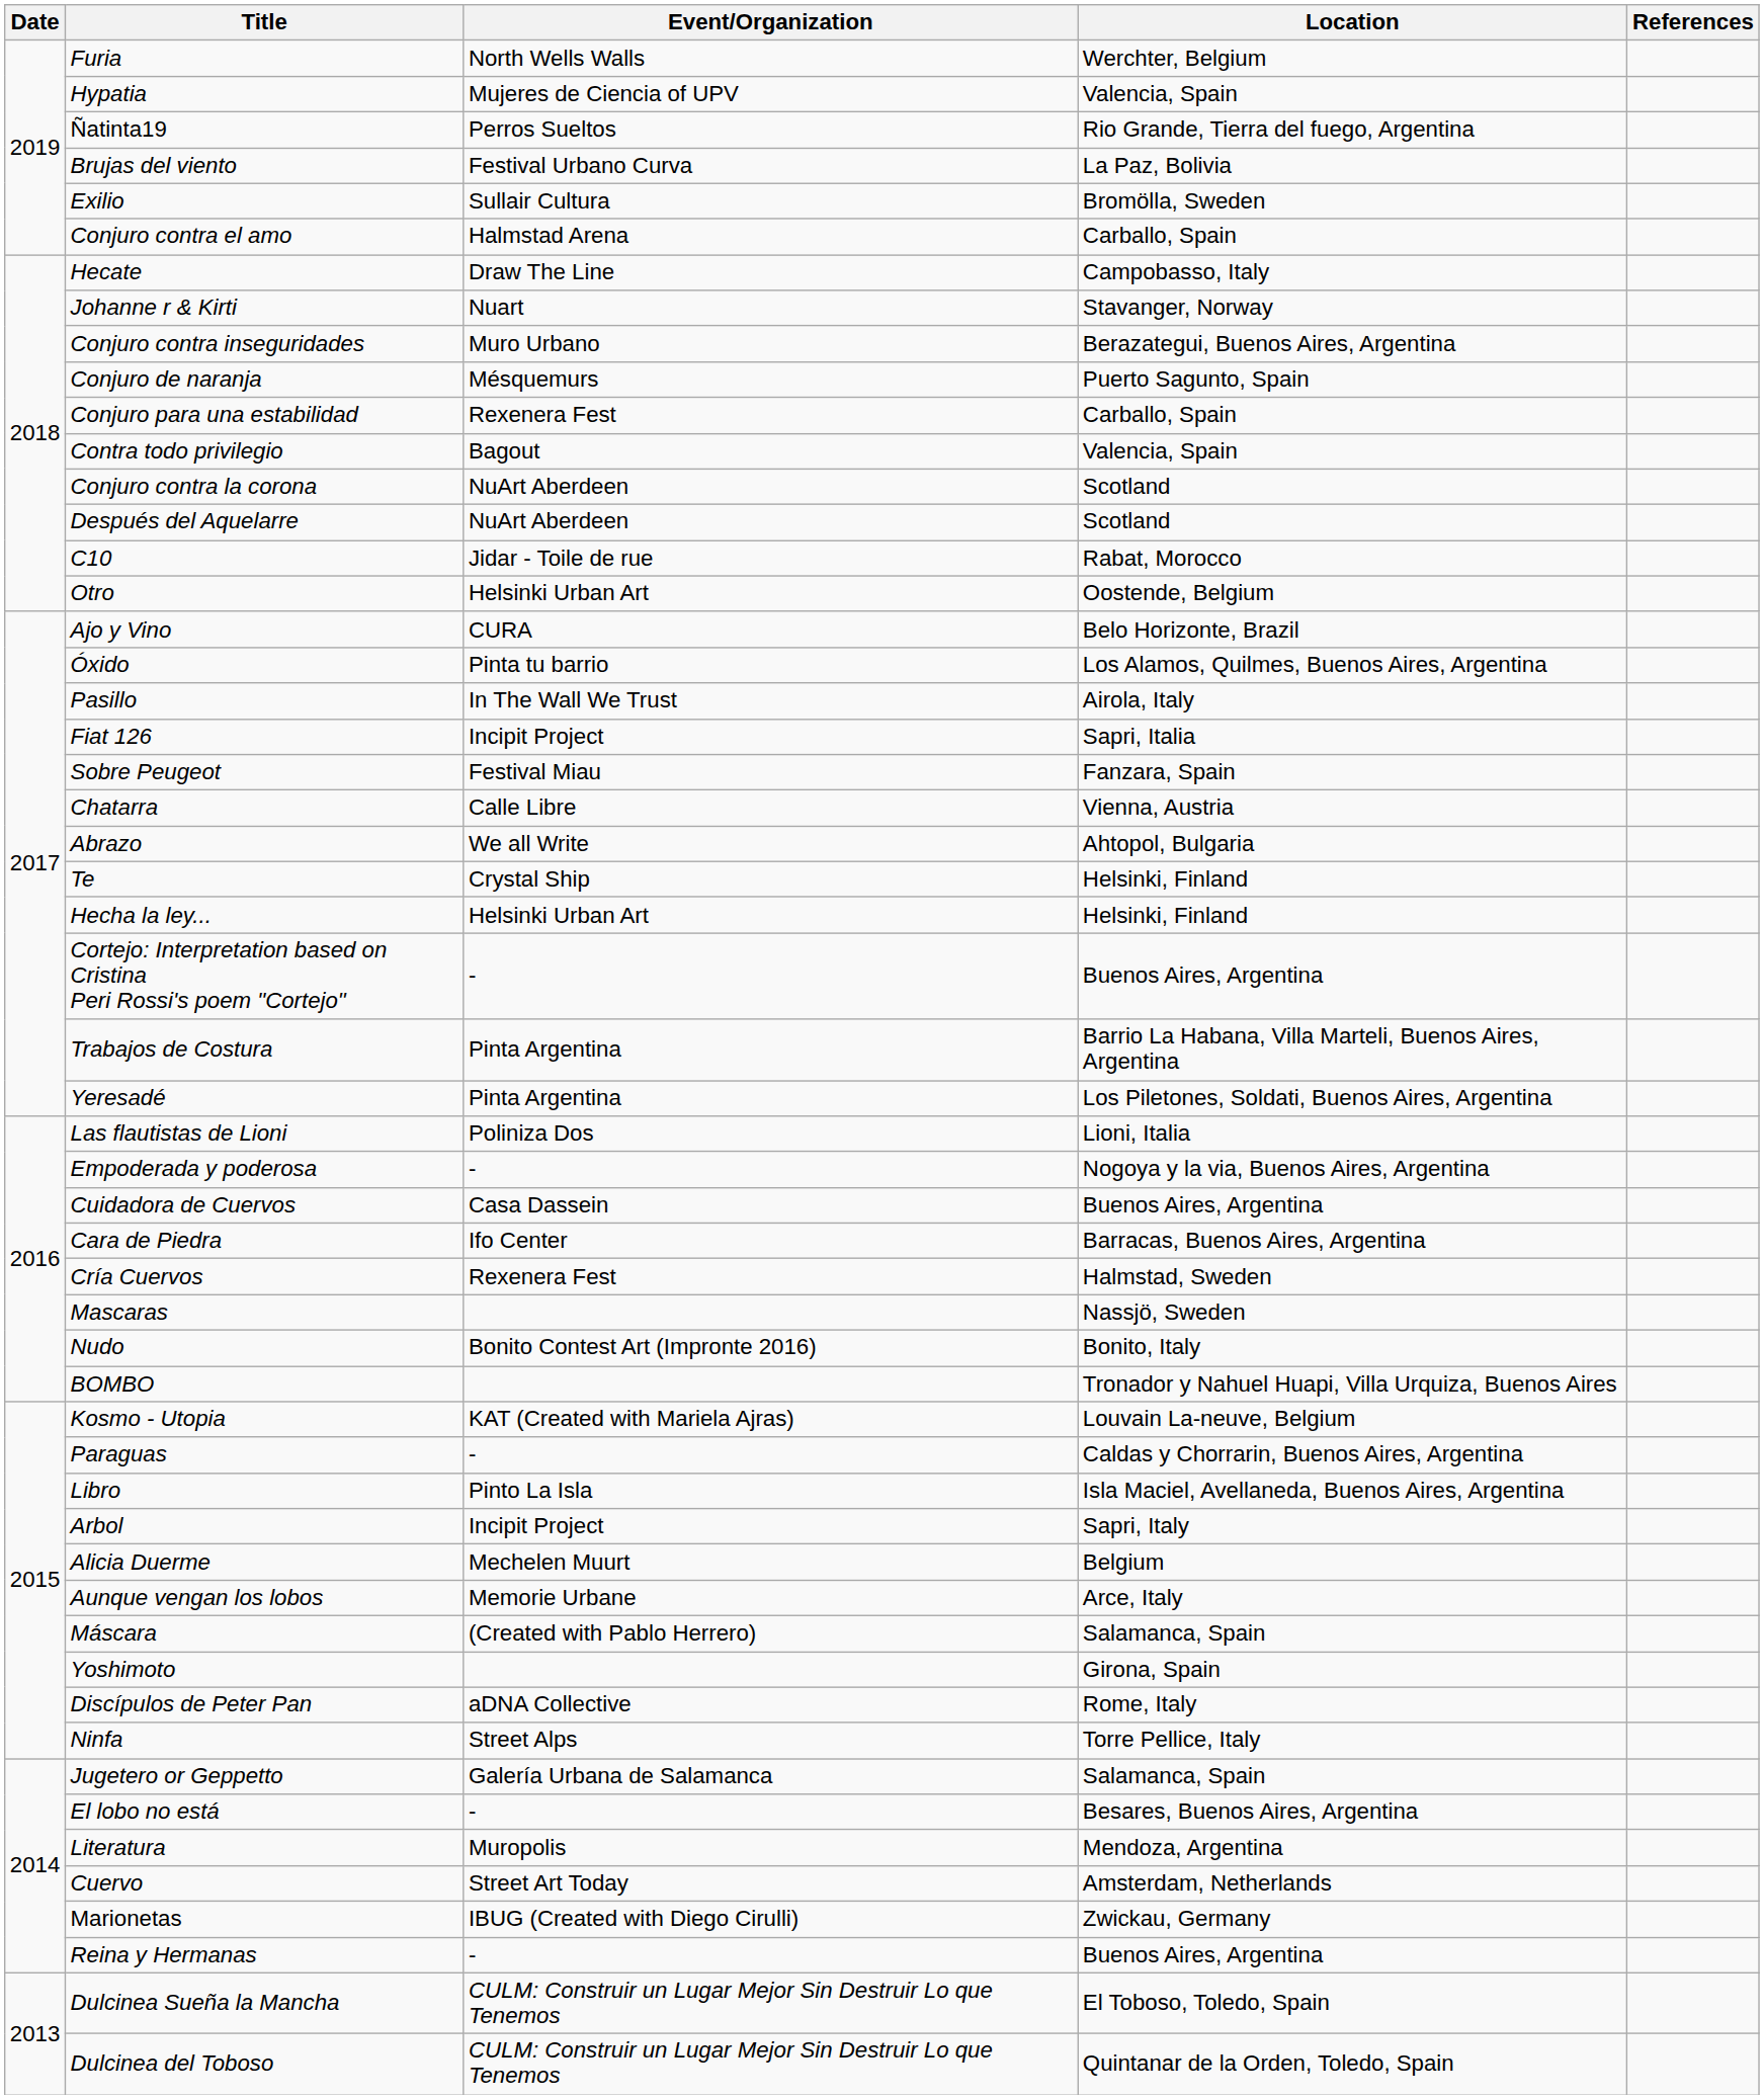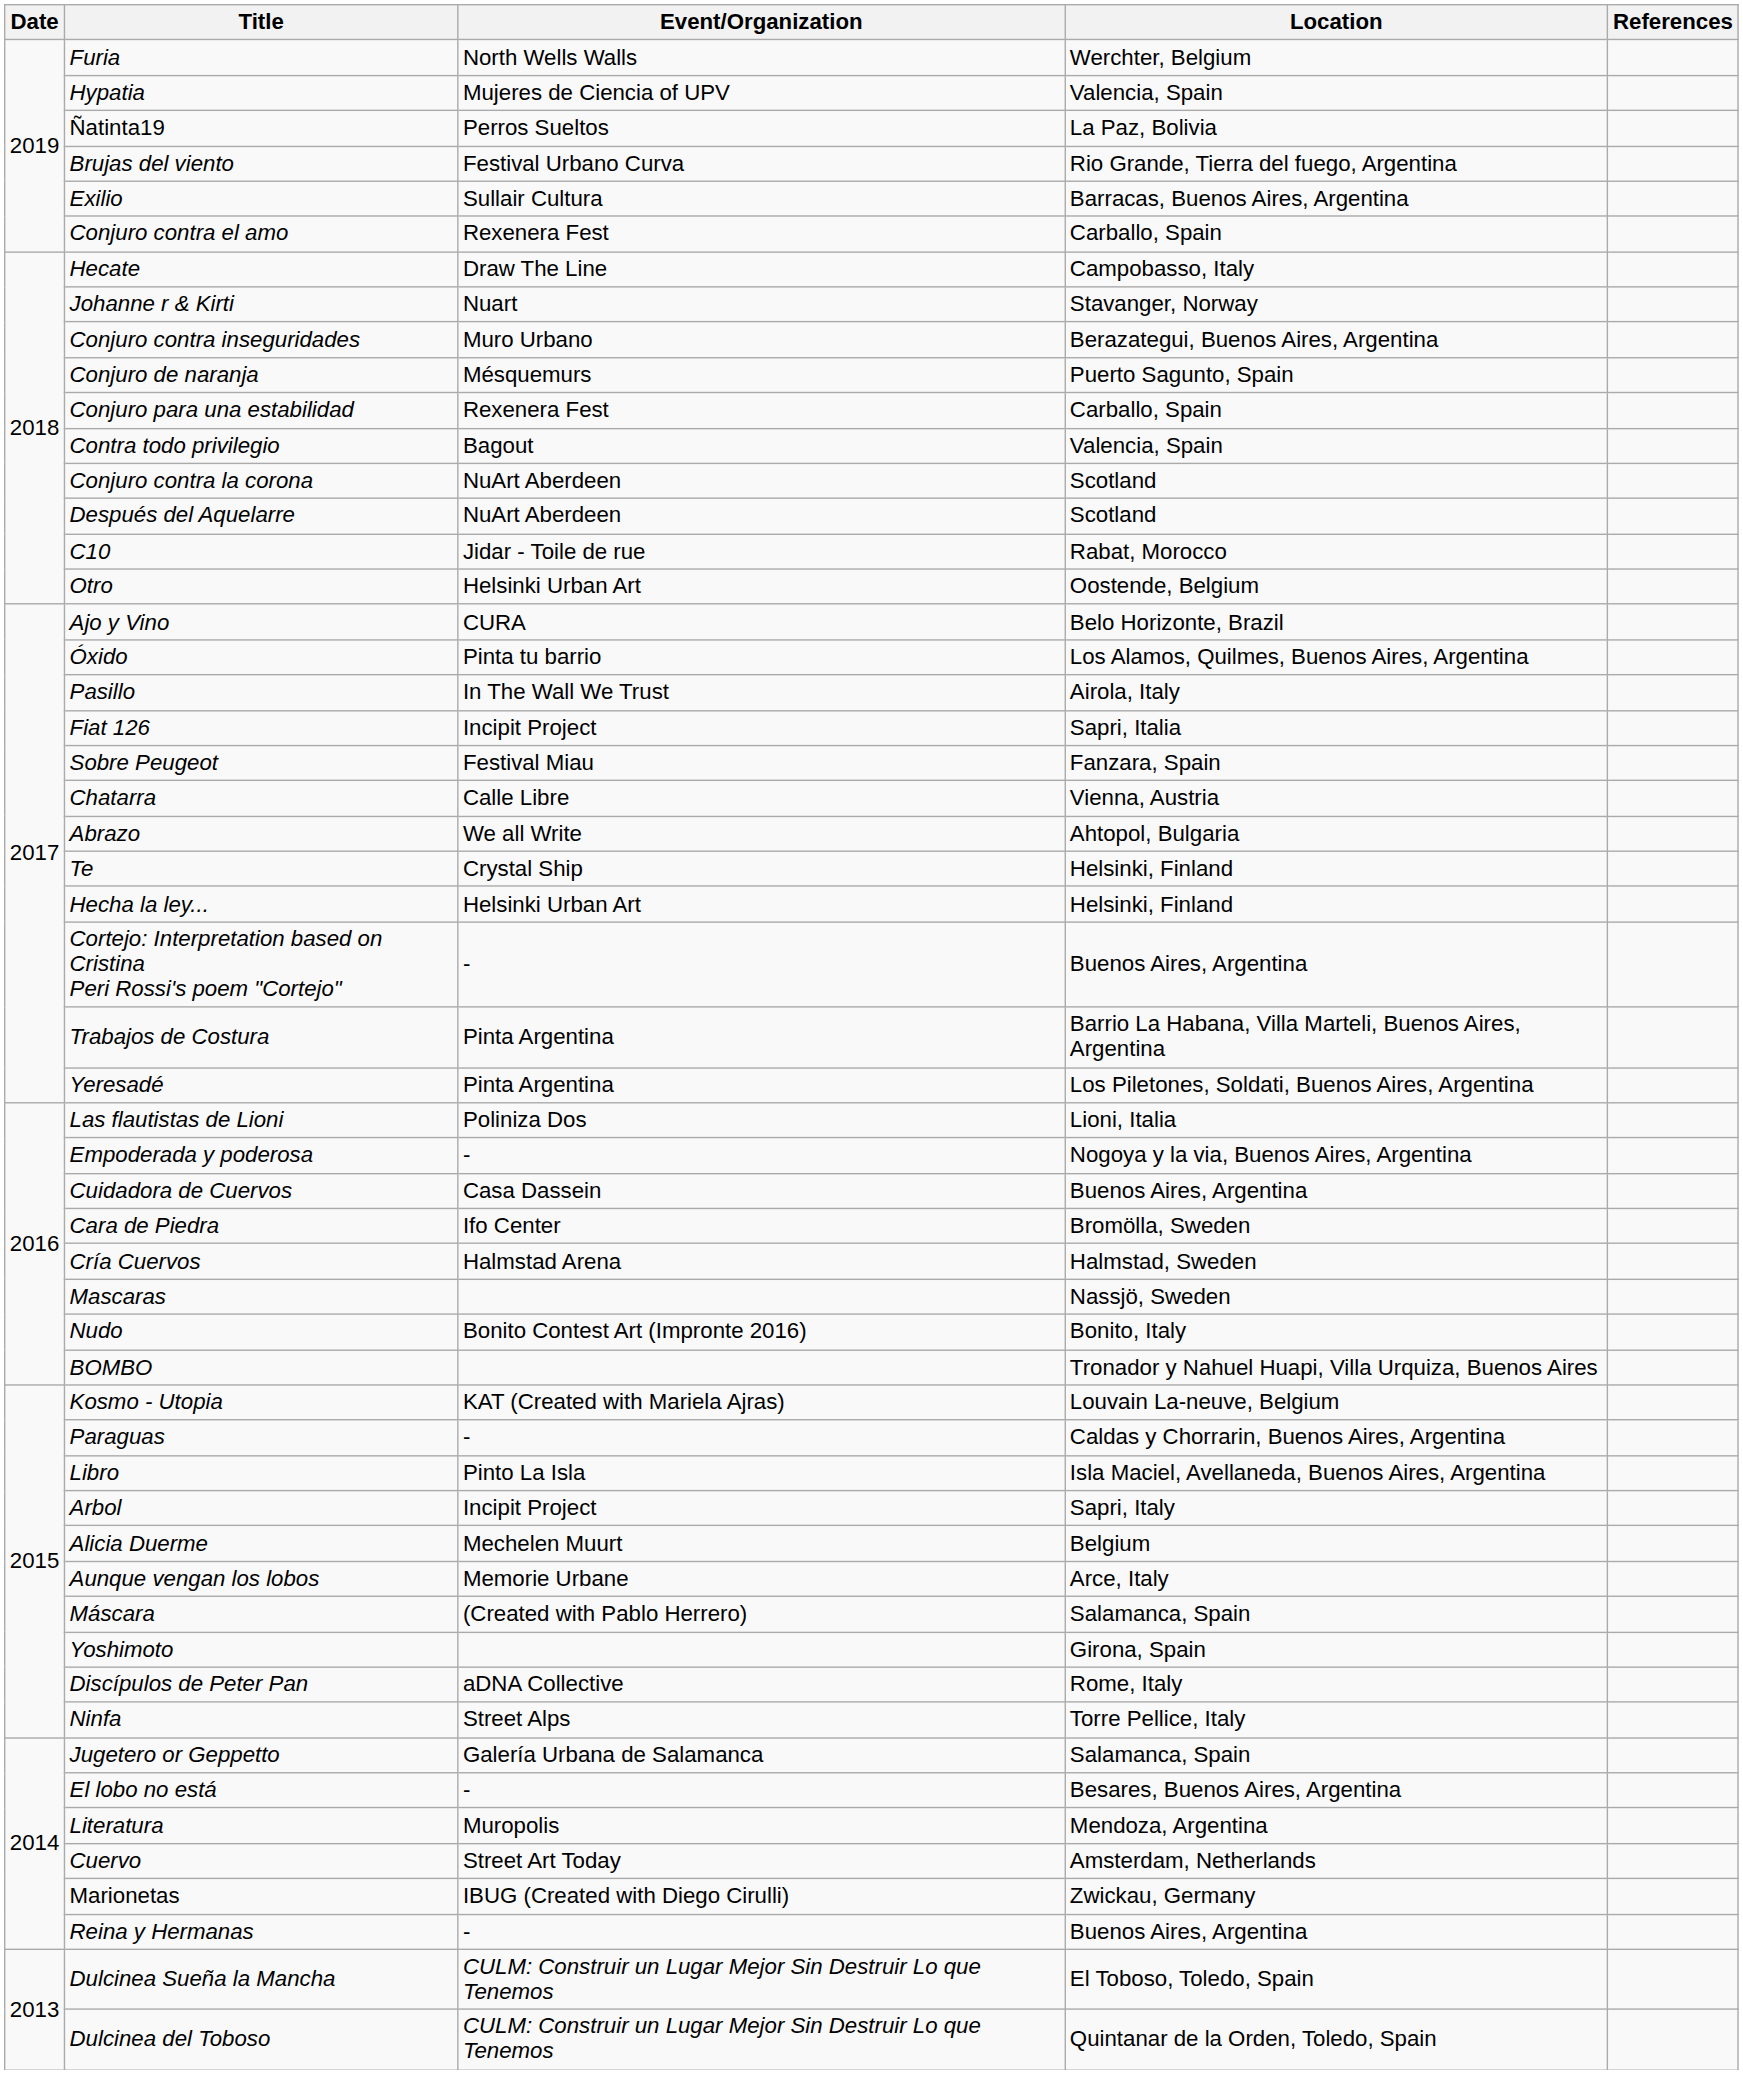 <table class="wikitable">
 <tr>
 <th>Date</th>
 <th>Title</th>
 <th>Event/Organization</th>
 <th>Location</th>
 <th>References</th>
 </tr>
 <tr>
 <td rowspan="6">2019</td>
 <td><em>Furia</em></td>
 <td>North Wells Walls</td>
 <td>Werchter, Belgium</td>
 <td></td>
 </tr>
 <tr>
 <td><em>Hypatia</em></td>
 <td>Mujeres de Ciencia of UPV</td>
 <td>Valencia, Spain</td>
 <td></td>
 </tr>
 <tr>
 <td>Ñatinta19</td>
 <td>Perros Sueltos</td>
-<td>Rio Grande, Tierra del fuego, Argentina</td>
+<td>La Paz, Bolivia</td>
 <td></td>
 </tr>
 <tr>
 <td><em>Brujas del viento</em></td>
 <td>Festival Urbano Curva</td>
-<td>La Paz, Bolivia</td>
+<td>Rio Grande, Tierra del fuego, Argentina</td>
 <td></td>
 </tr>
 <tr>
 <td><em>Exilio</em></td>
 <td>Sullair Cultura</td>
-<td>Bromölla, Sweden</td>
+<td>Barracas, Buenos Aires, Argentina</td>
 <td></td>
 </tr>
 <tr>
 <td><em>Conjuro contra el amo</em></td>
-<td>Halmstad Arena</td>
+<td>Rexenera Fest</td>
 <td>Carballo, Spain</td>
 <td></td>
 </tr>
 <tr>
 <td rowspan="10">2018</td>
 <td><em>Hecate</em></td>
 <td>Draw The Line</td>
 <td>Campobasso, Italy</td>
 <td></td>
 </tr>
 <tr>
 <td><em>Johanne r & Kirti</em></td>
 <td>Nuart</td>
 <td>Stavanger, Norway</td>
 <td></td>
 </tr>
 <tr>
 <td><em>Conjuro contra inseguridades</em></td>
 <td>Muro Urbano</td>
 <td>Berazategui, Buenos Aires, Argentina</td>
 <td></td>
 </tr>
 <tr>
 <td><em>Conjuro de naranja</em></td>
 <td>Mésquemurs</td>
 <td>Puerto Sagunto, Spain</td>
 <td></td>
 </tr>
 <tr>
 <td><em>Conjuro para una estabilidad</em></td>
 <td>Rexenera Fest</td>
 <td>Carballo, Spain</td>
 <td></td>
 </tr>
 <tr>
 <td><em>Contra todo privilegio</em></td>
 <td>Bagout</td>
 <td>Valencia, Spain</td>
 <td></td>
 </tr>
 <tr>
 <td><em>Conjuro contra la corona</em></td>
 <td>NuArt Aberdeen</td>
 <td>Scotland</td>
 <td></td>
 </tr>
 <tr>
 <td><em>Después del Aquelarre</em></td>
 <td>NuArt Aberdeen</td>
 <td>Scotland</td>
 <td></td>
 </tr>
 <tr>
 <td><em>C10</em></td>
 <td>Jidar - Toile de rue</td>
 <td>Rabat, Morocco</td>
 <td></td>
 </tr>
 <tr>
 <td><em>Otro</em></td>
 <td>Helsinki Urban Art</td>
 <td>Oostende, Belgium</td>
 <td></td>
 </tr>
 <tr>
 <td rowspan="12">2017</td>
 <td><em>Ajo y Vino</em></td>
 <td>CURA</td>
 <td>Belo Horizonte, Brazil</td>
 <td></td>
 </tr>
 <tr>
 <td><em>Óxido</em></td>
 <td>Pinta tu barrio</td>
 <td>Los Alamos, Quilmes, Buenos Aires, Argentina</td>
 <td></td>
 </tr>
 <tr>
 <td><em>Pasillo</em></td>
 <td>In The Wall We Trust</td>
 <td>Airola, Italy</td>
 <td></td>
 </tr>
 <tr>
 <td><em>Fiat 126</em></td>
 <td>Incipit Project</td>
 <td>Sapri, Italia</td>
 <td></td>
 </tr>
 <tr>
 <td><em>Sobre Peugeot</em></td>
 <td>Festival Miau</td>
 <td>Fanzara, Spain</td>
 <td></td>
 </tr>
 <tr>
 <td><em>Chatarra</em></td>
 <td>Calle Libre</td>
 <td>Vienna, Austria</td>
 <td></td>
 </tr>
 <tr>
 <td><em>Abrazo</em></td>
 <td>We all Write</td>
 <td>Ahtopol, Bulgaria</td>
 <td></td>
 </tr>
 <tr>
 <td><em>Te</em></td>
 <td>Crystal Ship</td>
 <td>Helsinki, Finland</td>
 <td></td>
 </tr>
 <tr>
 <td><em>Hecha la ley...</em></td>
 <td>Helsinki Urban Art</td>
 <td>Helsinki, Finland</td>
 <td></td>
 </tr>
 <tr>
 <td><em>Cortejo: Interpretation based on</em> <em>Cristina</em><br><em>Peri Rossi's</em> <em>poem "Cortejo"</em></td>
 <td>-</td>
 <td>Buenos Aires, Argentina</td>
 <td></td>
 </tr>
 <tr>
 <td><em>Trabajos de Costura</em></td>
 <td>Pinta Argentina</td>
 <td>Barrio La Habana, Villa Marteli, Buenos Aires, Argentina</td>
 <td></td>
 </tr>
 <tr>
 <td><em>Yeresadé</em></td>
 <td>Pinta Argentina</td>
 <td>Los Piletones, Soldati, Buenos Aires, Argentina</td>
 <td></td>
 </tr>
 <tr>
 <td rowspan="8">2016</td>
 <td><em>Las flautistas de Lioni</em></td>
 <td>Poliniza Dos</td>
 <td>Lioni, Italia</td>
 <td></td>
 </tr>
 <tr>
 <td><em>Empoderada y poderosa</em></td>
 <td>-</td>
 <td>Nogoya y la via, Buenos Aires, Argentina</td>
 <td></td>
 </tr>
 <tr>
 <td><em>Cuidadora de Cuervos</em></td>
 <td>Casa Dassein</td>
 <td>Buenos Aires, Argentina</td>
 <td></td>
 </tr>
 <tr>
 <td><em>Cara de Piedra</em></td>
 <td>Ifo Center</td>
-<td>Barracas, Buenos Aires, Argentina</td>
+<td>Bromölla, Sweden</td>
 <td></td>
 </tr>
 <tr>
 <td><em>Cría Cuervos</em></td>
-<td>Rexenera Fest</td>
+<td>Halmstad Arena</td>
 <td>Halmstad, Sweden</td>
 <td></td>
 </tr>
 <tr>
 <td><em>Mascaras</em></td>
 <td></td>
 <td>Nassjö, Sweden</td>
 <td></td>
 </tr>
 <tr>
 <td><em>Nudo</em></td>
 <td>Bonito Contest Art (Impronte 2016)</td>
 <td>Bonito, Italy</td>
 <td></td>
 </tr>
 <tr>
 <td><em>BOMBO</em></td>
 <td></td>
 <td>Tronador y Nahuel Huapi, Villa Urquiza, Buenos Aires</td>
 <td></td>
 </tr>
 <tr>
 <td rowspan="10">2015</td>
 <td><em>Kosmo - Utopia</em></td>
 <td>KAT (Created with Mariela Ajras)</td>
 <td>Louvain La-neuve, Belgium</td>
 <td></td>
 </tr>
 <tr>
 <td><em>Paraguas</em></td>
 <td>-</td>
 <td>Caldas y Chorrarin, Buenos Aires, Argentina</td>
 <td></td>
 </tr>
 <tr>
 <td><em>Libro</em></td>
 <td>Pinto La Isla</td>
 <td>Isla Maciel, Avellaneda, Buenos Aires, Argentina</td>
 <td></td>
 </tr>
 <tr>
 <td><em>Arbol</em></td>
 <td>Incipit Project</td>
 <td>Sapri, Italy</td>
 <td></td>
 </tr>
 <tr>
 <td><em>Alicia</em> <em>Duerme</em></td>
 <td>Mechelen Muurt</td>
 <td>Belgium</td>
 <td></td>
 </tr>
 <tr>
 <td><em>Aunque vengan los lobos</em></td>
 <td>Memorie Urbane</td>
 <td>Arce, Italy</td>
 <td></td>
 </tr>
 <tr>
 <td><em>Máscara</em></td>
 <td>(Created with Pablo Herrero)</td>
 <td>Salamanca, Spain</td>
 <td></td>
 </tr>
 <tr>
 <td><em>Yoshimoto</em></td>
 <td></td>
 <td>Girona, Spain</td>
 <td></td>
 </tr>
 <tr>
 <td><em>Discípulos de Peter Pan</em></td>
 <td>aDNA Collective</td>
 <td>Rome, Italy</td>
 <td></td>
 </tr>
 <tr>
 <td><em>Ninfa</em></td>
 <td>Street Alps</td>
 <td>Torre Pellice, Italy</td>
 <td></td>
 </tr>
 <tr>
 <td rowspan="6">2014</td>
 <td><em>Jugetero or Geppetto</em></td>
 <td>Galería Urbana de Salamanca</td>
 <td>Salamanca, Spain</td>
 <td></td>
 </tr>
 <tr>
 <td><em>El lobo no está</em></td>
 <td>-</td>
 <td>Besares, Buenos Aires, Argentina</td>
 <td></td>
 </tr>
 <tr>
 <td><em>Literatura</em></td>
 <td>Muropolis</td>
 <td>Mendoza, Argentina</td>
 <td></td>
 </tr>
 <tr>
 <td><em>Cuervo</em></td>
 <td>Street Art Today</td>
 <td>Amsterdam, Netherlands</td>
 <td></td>
 </tr>
 <tr>
 <td>Marionetas</td>
 <td>IBUG (Created with Diego Cirulli)</td>
 <td>Zwickau, Germany</td>
 <td></td>
 </tr>
 <tr>
 <td><em>Reina y Hermanas</em></td>
 <td>-</td>
 <td>Buenos Aires, Argentina</td>
 <td></td>
 </tr>
 <tr>
 <td rowspan="2">2013</td>
 <td><em>Dulcinea Sueña la Mancha</em></td>
 <td><em>CULM: Construir un Lugar Mejor Sin Destruir Lo que Tenemos</em></td>
 <td>El Toboso, Toledo, Spain</td>
 <td></td>
 </tr>
 <tr>
 <td><em>Dulcinea</em> <em>del Toboso</em></td>
 <td><em>CULM: Construir un Lugar Mejor Sin Destruir Lo que Tenemos</em></td>
 <td>Quintanar de la Orden, Toledo, Spain</td>
 <td></td>
 </tr>
 </table>
